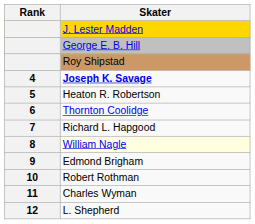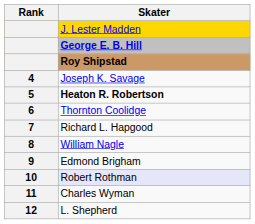 <table class="wikitable unsortable" style="text-align:left; width:30%">
 <tr>
 <th scope="col">Rank</th>
 <th scope="col">Skater</th>
 </tr>
 <tr bgcolor="gold">
 <th scope="row"></th>
 <td><a href='#'>J. Lester Madden</a></td>
 </tr>
 <tr bgcolor="silver">
 <th scope="row"></th>
-<td><a href='#'>George E. B. Hill</a></td>
+<td><strong><a href='#'>George E. B. Hill</a></strong></td>
 </tr>
 <tr bgcolor="cc9966">
 <th scope="row"></th>
-<td>Roy Shipstad</td>
+<td><strong>Roy Shipstad</strong></td>
 </tr>
 <tr>
 <th scope="row">4</th>
-<td><strong><a href='#'>Joseph K. Savage</a></strong></td>
+<td><a href='#'>Joseph K. Savage</a></td>
 </tr>
 <tr>
 <th scope="row">5</th>
-<td>Heaton R. Robertson</td>
+<td><strong>Heaton R. Robertson</strong></td>
 </tr>
 <tr>
 <th scope="row">6</th>
 <td><a href='#'>Thornton Coolidge</a></td>
 </tr>
 <tr>
 <th scope="row">7</th>
 <td>Richard L. Hapgood</td>
 </tr>
 <tr>
 <th scope="row">8</th>
-<td style="background: lightyellow;"><a href='#'>William Nagle</a></td>
+<td><a href='#'>William Nagle</a></td>
 </tr>
 <tr>
 <th scope="row">9</th>
 <td>Edmond Brigham</td>
 </tr>
 <tr>
 <th scope="row">10</th>
-<td>Robert Rothman</td>
+<td style="background: lavender;">Robert Rothman</td>
 </tr>
 <tr>
 <th scope="row">11</th>
 <td>Charles Wyman</td>
 </tr>
 <tr>
 <th scope="row">12</th>
 <td>L. Shepherd</td>
 </tr>
 </table>
